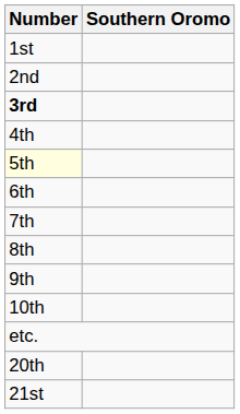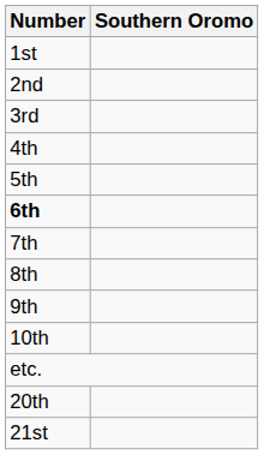 <table class="wikitable">
 <tr>
 <th>Number</th>
 <th>Southern Oromo</th>
 </tr>
 <tr>
 <td>1st</td>
 <td></td>
 </tr>
 <tr>
 <td>2nd</td>
 <td></td>
 </tr>
 <tr>
-<td><strong>3rd</strong></td>
+<td>3rd</td>
 <td></td>
 </tr>
 <tr>
 <td>4th</td>
 <td></td>
 </tr>
 <tr>
-<td style="background: lightyellow;">5th</td>
+<td>5th</td>
 <td></td>
 </tr>
 <tr>
-<td>6th</td>
+<td><strong>6th</strong></td>
 <td></td>
 </tr>
 <tr>
 <td>7th</td>
 <td></td>
 </tr>
 <tr>
 <td>8th</td>
 <td></td>
 </tr>
 <tr>
 <td>9th</td>
 <td></td>
 </tr>
 <tr>
 <td>10th</td>
 <td></td>
 </tr>
 <tr>
 <td colspan="2">etc.</td>
 </tr>
 <tr>
 <td>20th</td>
 <td></td>
 </tr>
 <tr>
 <td>21st</td>
 <td></td>
 </tr>
 </table>
